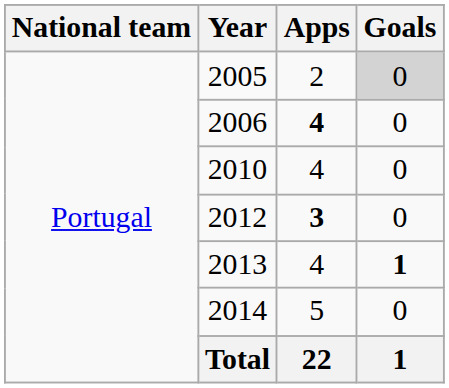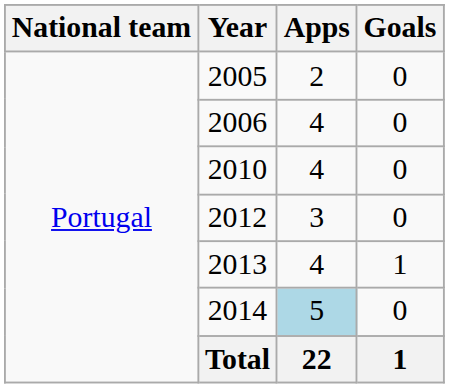 <table class="wikitable" style="text-align: center">
 <tr>
 <th>National team</th>
 <th>Year</th>
 <th>Apps</th>
 <th>Goals</th>
 </tr>
 <tr>
 <td rowspan=7 valign="center"><a href='#'>Portugal</a></td>
 <td>2005</td>
 <td>2</td>
-<td style="background: lightgrey;">0</td>
+<td>0</td>
 </tr>
 <tr>
 <td>2006</td>
-<td><strong>4</strong></td>
+<td>4</td>
 <td>0</td>
 </tr>
 <tr>
 <td>2010</td>
 <td>4</td>
 <td>0</td>
 </tr>
 <tr>
 <td>2012</td>
-<td><strong>3</strong></td>
+<td>3</td>
 <td>0</td>
 </tr>
 <tr>
 <td>2013</td>
 <td>4</td>
-<td><strong>1</strong></td>
+<td>1</td>
 </tr>
 <tr>
 <td>2014</td>
-<td>5</td>
+<td style="background: lightblue;">5</td>
 <td>0</td>
 </tr>
 <tr>
 <th>Total</th>
 <th>22</th>
 <th>1</th>
 </tr>
 </table>
